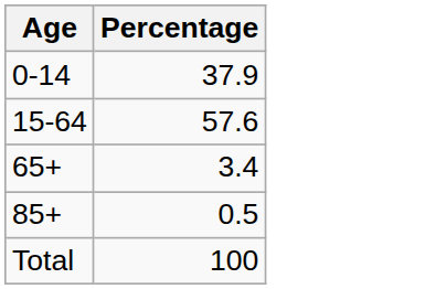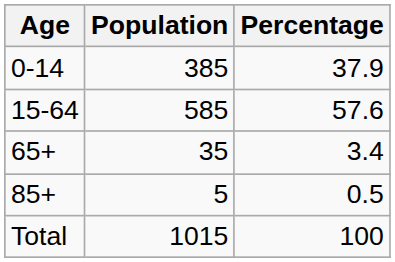 <table class=wikitable style=text-align:right>
 <tr>
 <th>Age</th>
+<th>Population</th>
 <th>Percentage</th>
 </tr>
 <tr>
 <td style="text-align:left;">0-14</td>
+<td>385</td>
 <td>37.9</td>
 </tr>
 <tr>
 <td style="text-align:left;">15-64</td>
+<td>585</td>
 <td>57.6</td>
 </tr>
 <tr>
 <td style="text-align:left;">65+</td>
+<td>35</td>
 <td>3.4</td>
 </tr>
 <tr>
 <td style="text-align:left;">85+</td>
+<td>5</td>
 <td>0.5</td>
 </tr>
 <tr>
 <td style="text-align:left;">Total</td>
+<td>1015</td>
 <td>100</td>
 </tr>
 </table>
